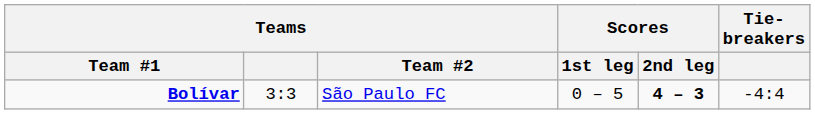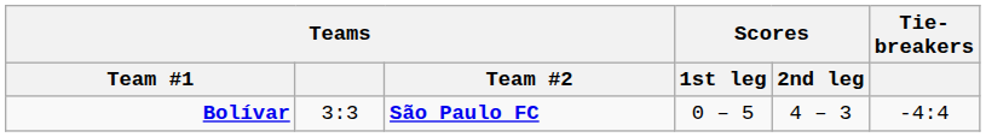 <table class="wikitable" style="text-align: center;">
 <tr>
 <th colspan=3>Teams</th>
 <th colspan=2>Scores</th>
 <th colspan=2>Tie-breakers</th>
 </tr>
 <tr>
 <th width="175">Team #1</th>
 <th width="50"></th>
 <th width="175">Team #2</th>
 <th width="55">1st leg</th>
 <th width="55">2nd leg</th>
 <th width="50"></th>
 </tr>
 <tr>
 <td align=right><strong><a href='#'>Bolívar</a></strong></td>
 <td>3:3</td>
-<td align=left><a href='#'>São Paulo FC</a></td>
+<td align=left><strong><a href='#'>São Paulo FC</a></strong></td>
 <td>0 – 5</td>
-<td><strong>4 – 3</strong></td>
+<td>4 – 3</td>
 <td>-4:4</td>
 </tr>
 </table>
